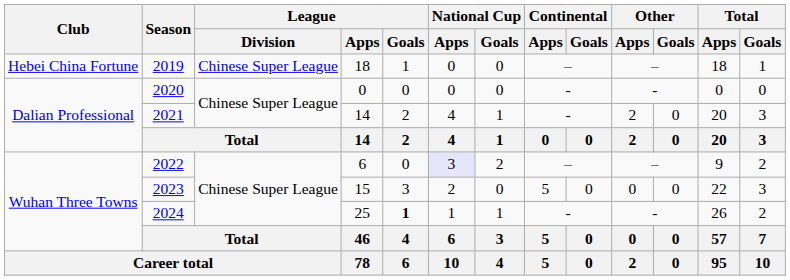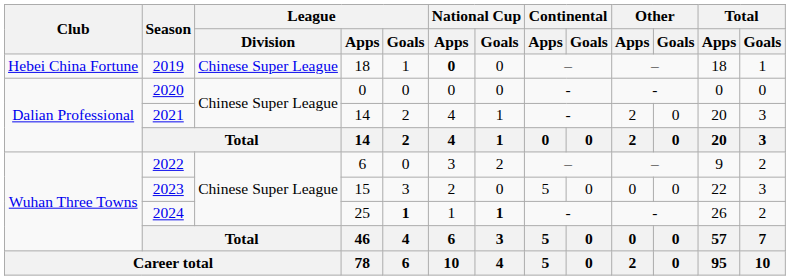 <table class="wikitable" style="text-align: center">
 <tr>
 <th rowspan="2">Club</th>
 <th rowspan="2">Season</th>
 <th colspan="3">League</th>
 <th colspan="2">National Cup</th>
 <th colspan="2">Continental</th>
 <th colspan="2">Other</th>
 <th colspan="2">Total</th>
 </tr>
 <tr>
 <th>Division</th>
 <th>Apps</th>
 <th>Goals</th>
 <th>Apps</th>
 <th>Goals</th>
 <th>Apps</th>
 <th>Goals</th>
 <th>Apps</th>
 <th>Goals</th>
 <th>Apps</th>
 <th>Goals</th>
 </tr>
 <tr>
 <td><a href='#'>Hebei China Fortune</a></td>
 <td><a href='#'>2019</a></td>
 <td><a href='#'>Chinese Super League</a></td>
 <td>18</td>
 <td>1</td>
-<td>0</td>
+<td><strong>0</strong></td>
 <td>0</td>
 <td colspan="2">–</td>
 <td colspan="2">–</td>
 <td>18</td>
 <td>1</td>
 </tr>
 <tr>
 <td rowspan="3"><a href='#'>Dalian Professional</a></td>
 <td><a href='#'>2020</a></td>
 <td rowspan="2">Chinese Super League</td>
 <td>0</td>
 <td>0</td>
 <td>0</td>
 <td>0</td>
 <td colspan="2">-</td>
 <td colspan="2">-</td>
 <td>0</td>
 <td>0</td>
 </tr>
 <tr>
 <td><a href='#'>2021</a></td>
 <td>14</td>
 <td>2</td>
 <td>4</td>
 <td>1</td>
 <td colspan="2">-</td>
 <td>2</td>
 <td>0</td>
 <td>20</td>
 <td>3</td>
 </tr>
 <tr>
 <th colspan="2">Total</th>
 <th>14</th>
 <th>2</th>
 <th>4</th>
 <th>1</th>
 <th>0</th>
 <th>0</th>
 <th>2</th>
 <th>0</th>
 <th>20</th>
 <th>3</th>
 </tr>
 <tr>
 <td rowspan="4"><a href='#'>Wuhan Three Towns</a></td>
 <td><a href='#'>2022</a></td>
 <td rowspan="3">Chinese Super League</td>
 <td>6</td>
 <td>0</td>
-<td style="background: lavender;">3</td>
+<td>3</td>
 <td>2</td>
 <td colspan="2">–</td>
 <td colspan="2">–</td>
 <td>9</td>
 <td>2</td>
 </tr>
 <tr>
 <td><a href='#'>2023</a></td>
 <td>15</td>
 <td>3</td>
 <td>2</td>
 <td>0</td>
 <td>5</td>
 <td>0</td>
 <td>0</td>
 <td>0</td>
 <td>22</td>
 <td>3</td>
 </tr>
 <tr>
 <td><a href='#'>2024</a></td>
 <td>25</td>
 <td><strong>1</strong></td>
 <td>1</td>
-<td>1</td>
+<td><strong>1</strong></td>
 <td colspan="2">-</td>
 <td colspan="2">-</td>
 <td>26</td>
 <td>2</td>
 </tr>
 <tr>
 <th colspan="2">Total</th>
 <th>46</th>
 <th>4</th>
 <th>6</th>
 <th>3</th>
 <th>5</th>
 <th>0</th>
 <th>0</th>
 <th>0</th>
 <th>57</th>
 <th>7</th>
 </tr>
 <tr>
 <th colspan=3>Career total</th>
 <th>78</th>
 <th>6</th>
 <th>10</th>
 <th>4</th>
 <th>5</th>
 <th>0</th>
 <th>2</th>
 <th>0</th>
 <th>95</th>
 <th>10</th>
 </tr>
 </table>
